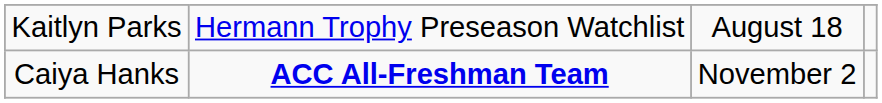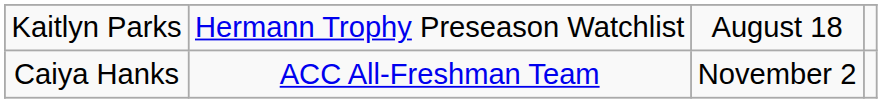 <table class="wikitable sortable" style="text-align: center">
 <tr>
 <td>Kaitlyn Parks</td>
 <td><a href='#'>Hermann Trophy</a> Preseason Watchlist</td>
 <td>August 18</td>
 <td></td>
 </tr>
 <tr>
 <td>Caiya Hanks</td>
-<td><strong><a href='#'>ACC All-Freshman Team</a></strong></td>
+<td><a href='#'>ACC All-Freshman Team</a></td>
 <td>November 2</td>
 <td></td>
 </tr>
 </table>
